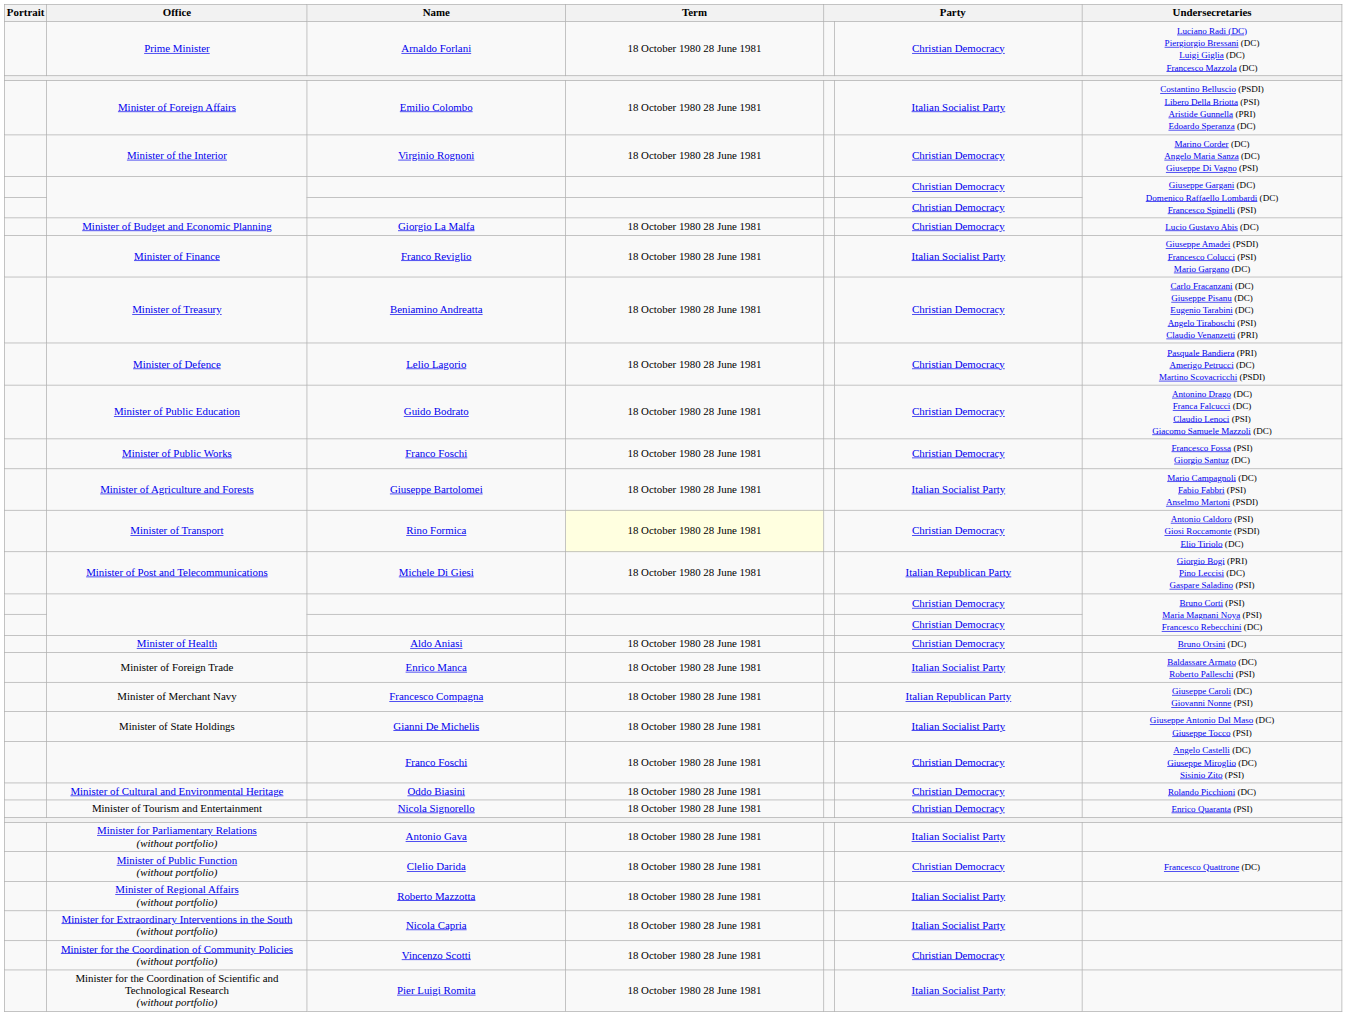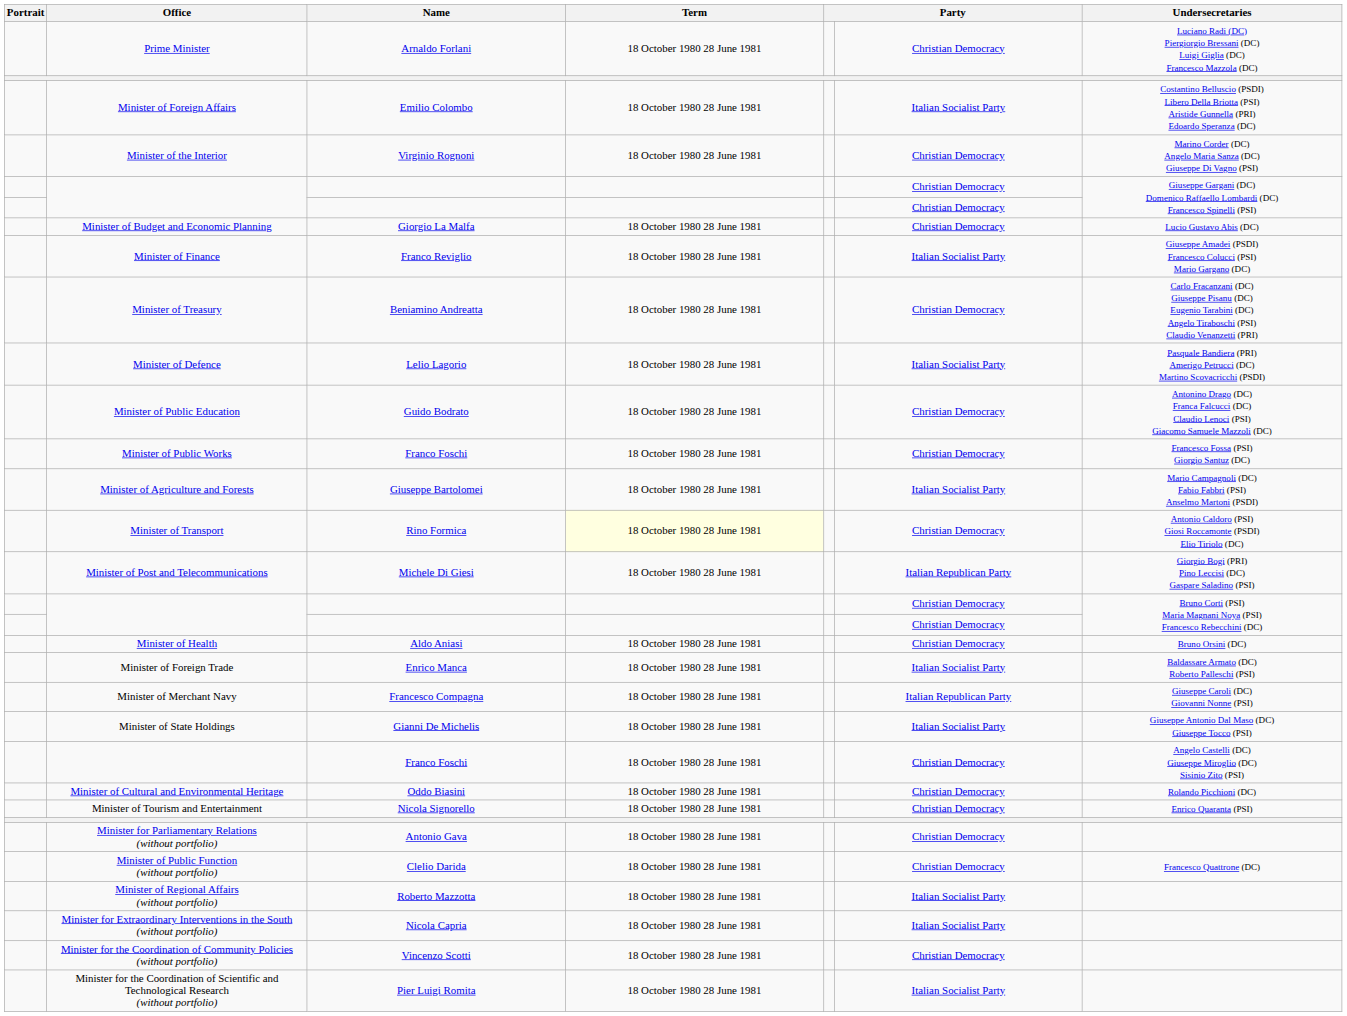 <table class="wikitable" style="text-align:center">
 <tr>
 <th>Portrait</th>
 <th width=20%>Office</th>
 <th width=20%>Name</th>
 <th width=20%>Term</th>
 <th width=20% colspan=2>Party</th>
 <th width=20%>Undersecretaries</th>
 </tr>
 <tr>
 <td></td>
 <td><a href='#'>Prime Minister</a></td>
 <td><a href='#'>Arnaldo Forlani</a></td>
 <td>18 October 1980  28 June 1981</td>
 <td style="background:"></td>
 <td><a href='#'>Christian Democracy</a></td>
 <td><small><a href='#'>Luciano Radi (DC)</a> <br> <a href='#'>Piergiorgio Bressani</a> (DC) <br> <a href='#'>Luigi Giglia</a> (DC) <br> <a href='#'>Francesco Mazzola</a> (DC)</small></td>
 </tr>
 <tr>
 <th colspan="7"></th>
 </tr>
 <tr>
 <td></td>
 <td><a href='#'>Minister of Foreign Affairs</a></td>
 <td><a href='#'>Emilio Colombo</a></td>
 <td>18 October 1980  28 June 1981</td>
 <td style="background:"></td>
 <td><a href='#'>Italian Socialist Party</a></td>
 <td><small><a href='#'>Costantino Belluscio</a> (PSDI) <br> <a href='#'>Libero Della Briotta</a> (PSI) <br> <a href='#'>Aristide Gunnella</a> (PRI) <br> <a href='#'>Edoardo Speranza</a> (DC)</small></td>
 </tr>
 <tr>
 <td></td>
 <td><a href='#'>Minister of the Interior</a></td>
 <td><a href='#'>Virginio Rognoni</a></td>
 <td>18 October 1980  28 June 1981</td>
 <td style="background:"></td>
 <td><a href='#'>Christian Democracy</a></td>
 <td><small><a href='#'>Marino Corder</a> (DC) <br> <a href='#'>Angelo Maria Sanza</a> (DC) <br> <a href='#'>Giuseppe Di Vagno</a> (PSI)</small></td>
 </tr>
 <tr>
 <td></td>
 <td rowspan=2></td>
 <td></td>
 <td></td>
 <td style="background:"></td>
 <td><a href='#'>Christian Democracy</a></td>
 <td rowspan="2"><small><a href='#'>Giuseppe Gargani</a> (DC) <br> <a href='#'>Domenico Raffaello Lombardi</a> (DC) <br> <a href='#'>Francesco Spinelli</a> (PSI)</small></td>
 </tr>
 <tr>
 <td></td>
 <td></td>
 <td></td>
 <td style="background:"></td>
 <td><a href='#'>Christian Democracy</a></td>
 </tr>
 <tr>
 <td></td>
 <td><a href='#'>Minister of Budget and Economic Planning</a></td>
 <td><a href='#'>Giorgio La Malfa</a></td>
 <td>18 October 1980  28 June 1981</td>
 <td style="background:"></td>
 <td><a href='#'>Christian Democracy</a></td>
 <td><small><a href='#'>Lucio Gustavo Abis</a> (DC)</small></td>
 </tr>
 <tr>
 <td></td>
 <td><a href='#'>Minister of Finance</a></td>
 <td><a href='#'>Franco Reviglio</a></td>
 <td>18 October 1980  28 June 1981</td>
 <td style="background:"></td>
 <td><a href='#'>Italian Socialist Party</a></td>
 <td><small><a href='#'>Giuseppe Amadei</a> (PSDI) <br> <a href='#'>Francesco Colucci</a> (PSI) <br> <a href='#'>Mario Gargano</a> (DC)</small></td>
 </tr>
 <tr>
 <td></td>
 <td><a href='#'>Minister of Treasury</a></td>
 <td><a href='#'>Beniamino Andreatta</a></td>
 <td>18 October 1980  28 June 1981</td>
 <td style="background:"></td>
 <td><a href='#'>Christian Democracy</a></td>
 <td><small><a href='#'>Carlo Fracanzani</a> (DC) <br> <a href='#'>Giuseppe Pisanu</a> (DC) <br> <a href='#'>Eugenio Tarabini</a> (DC) <br> <a href='#'>Angelo Tiraboschi</a> (PSI) <br> <a href='#'>Claudio Venanzetti</a> (PRI)</small></td>
 </tr>
 <tr>
 <td></td>
 <td><a href='#'>Minister of Defence</a></td>
 <td><a href='#'>Lelio Lagorio</a></td>
 <td>18 October 1980  28 June 1981</td>
 <td style="background:"></td>
-<td><a href='#'>Christian Democracy</a></td>
+<td><a href='#'>Italian Socialist Party</a></td>
 <td><small><a href='#'>Pasquale Bandiera</a> (PRI) <br> <a href='#'>Amerigo Petrucci</a> (DC) <br> <a href='#'>Martino Scovacricchi</a> (PSDI)</small></td>
 </tr>
 <tr>
 <td></td>
 <td><a href='#'>Minister of Public Education</a></td>
 <td><a href='#'>Guido Bodrato</a></td>
 <td>18 October 1980  28 June 1981</td>
 <td style="background:"></td>
 <td><a href='#'>Christian Democracy</a></td>
 <td><small><a href='#'>Antonino Drago</a> (DC) <br> <a href='#'>Franca Falcucci</a> (DC) <br> <a href='#'>Claudio Lenoci</a> (PSI) <br> <a href='#'>Giacomo Samuele Mazzoli</a> (DC)</small></td>
 </tr>
 <tr>
 <td></td>
 <td><a href='#'>Minister of Public Works</a></td>
 <td><a href='#'>Franco Foschi</a></td>
 <td>18 October 1980  28 June 1981</td>
 <td style="background:"></td>
 <td><a href='#'>Christian Democracy</a></td>
 <td><small><a href='#'>Francesco Fossa</a> (PSI) <br> <a href='#'>Giorgio Santuz</a> (DC)</small></td>
 </tr>
 <tr>
 <td></td>
 <td><a href='#'>Minister of Agriculture and Forests</a></td>
 <td><a href='#'>Giuseppe Bartolomei</a></td>
 <td>18 October 1980  28 June 1981</td>
 <td style="background:"></td>
 <td><a href='#'>Italian Socialist Party</a></td>
 <td><small><a href='#'>Mario Campagnoli</a> (DC) <br> <a href='#'>Fabio Fabbri</a> (PSI) <br> <a href='#'>Anselmo Martoni</a> (PSDI)</small></td>
 </tr>
 <tr>
 <td></td>
 <td><a href='#'>Minister of Transport</a></td>
 <td><a href='#'>Rino Formica</a></td>
 <td style="background: lightyellow;">18 October 1980  28 June 1981</td>
 <td style="background:"></td>
 <td><a href='#'>Christian Democracy</a></td>
 <td><small><a href='#'>Antonio Caldoro</a> (PSI) <br> <a href='#'>Giosi Roccamonte</a> (PSDI) <br> <a href='#'>Elio Tiriolo</a> (DC)</small></td>
 </tr>
 <tr>
 <td></td>
 <td><a href='#'>Minister of Post and Telecommunications</a></td>
 <td><a href='#'>Michele Di Giesi</a></td>
 <td>18 October 1980  28 June 1981</td>
 <td style="background:"></td>
 <td><a href='#'>Italian Republican Party</a></td>
 <td><small><a href='#'>Giorgio Bogi</a> (PRI) <br> <a href='#'>Pino Leccisi</a> (DC) <br> <a href='#'>Gaspare Saladino</a> (PSI)</small></td>
 </tr>
 <tr>
 <td></td>
 <td rowspan=2></td>
 <td></td>
 <td></td>
 <td style="background:"></td>
 <td><a href='#'>Christian Democracy</a></td>
 <td rowspan="2"><small><a href='#'>Bruno Corti</a> (PSI) <br> <a href='#'>Maria Magnani Noya</a> (PSI) <br> <a href='#'>Francesco Rebecchini</a> (DC)</small></td>
 </tr>
 <tr>
 <td></td>
 <td></td>
 <td></td>
 <td style="background:"></td>
 <td><a href='#'>Christian Democracy</a></td>
 </tr>
 <tr>
 <td></td>
 <td><a href='#'>Minister of Health</a></td>
 <td><a href='#'>Aldo Aniasi</a></td>
 <td>18 October 1980  28 June 1981</td>
 <td style="background:"></td>
 <td><a href='#'>Christian Democracy</a></td>
 <td><small><a href='#'>Bruno Orsini</a> (DC)</small></td>
 </tr>
 <tr>
 <td></td>
 <td>Minister of Foreign Trade</td>
 <td><a href='#'>Enrico Manca</a></td>
 <td>18 October 1980  28 June 1981</td>
 <td style="background:"></td>
 <td><a href='#'>Italian Socialist Party</a></td>
 <td><small><a href='#'>Baldassare Armato</a> (DC) <br> <a href='#'>Roberto Palleschi</a> (PSI)</small></td>
 </tr>
 <tr>
 <td></td>
 <td>Minister of Merchant Navy</td>
 <td><a href='#'>Francesco Compagna</a></td>
 <td>18 October 1980  28 June 1981</td>
 <td style="background:"></td>
 <td><a href='#'>Italian Republican Party</a></td>
 <td><small><a href='#'>Giuseppe Caroli</a> (DC) <br> <a href='#'>Giovanni Nonne</a> (PSI)</small></td>
 </tr>
 <tr>
 <td></td>
 <td>Minister of State Holdings</td>
 <td><a href='#'>Gianni De Michelis</a></td>
 <td>18 October 1980  28 June 1981</td>
 <td style="background:"></td>
 <td><a href='#'>Italian Socialist Party</a></td>
 <td><small><a href='#'>Giuseppe Antonio Dal Maso</a> (DC) <br> <a href='#'>Giuseppe Tocco</a> (PSI)</small></td>
 </tr>
 <tr>
 <td></td>
 <td></td>
 <td><a href='#'>Franco Foschi</a></td>
 <td>18 October 1980  28 June 1981</td>
 <td style="background:"></td>
 <td><a href='#'>Christian Democracy</a></td>
 <td><small><a href='#'>Angelo Castelli</a> (DC) <br> <a href='#'>Giuseppe Miroglio</a> (DC) <br> <a href='#'>Sisinio Zito</a> (PSI)</small></td>
 </tr>
 <tr>
 <td></td>
 <td><a href='#'>Minister of Cultural and Environmental Heritage</a></td>
 <td><a href='#'>Oddo Biasini</a></td>
 <td>18 October 1980  28 June 1981</td>
 <td style="background:"></td>
 <td><a href='#'>Christian Democracy</a></td>
 <td><small><a href='#'>Rolando Picchioni</a> (DC)</small></td>
 </tr>
 <tr>
 <td></td>
 <td>Minister of Tourism and Entertainment</td>
 <td><a href='#'>Nicola Signorello</a></td>
 <td>18 October 1980  28 June 1981</td>
 <td style="background:"></td>
 <td><a href='#'>Christian Democracy</a></td>
 <td><small><a href='#'>Enrico Quaranta</a> (PSI)</small></td>
 </tr>
 <tr>
 <th colspan="7"></th>
 </tr>
 <tr>
 <td></td>
 <td><a href='#'>Minister for Parliamentary Relations</a> <br> <em>(without portfolio)</em></td>
 <td><a href='#'>Antonio Gava</a></td>
 <td>18 October 1980  28 June 1981</td>
 <td style="background:"></td>
-<td><a href='#'>Italian Socialist Party</a></td>
+<td><a href='#'>Christian Democracy</a></td>
 <td></td>
 </tr>
 <tr>
 <td></td>
 <td><a href='#'>Minister of Public Function</a> <br> <em>(without portfolio)</em></td>
 <td><a href='#'>Clelio Darida</a></td>
 <td>18 October 1980  28 June 1981</td>
 <td style="background:"></td>
 <td><a href='#'>Christian Democracy</a></td>
 <td><small><a href='#'>Francesco Quattrone</a> (DC)</small></td>
 </tr>
 <tr>
 <td></td>
 <td><a href='#'>Minister of Regional Affairs</a> <br> <em>(without portfolio)</em></td>
 <td><a href='#'>Roberto Mazzotta</a></td>
 <td>18 October 1980  28 June 1981</td>
 <td style="background:"></td>
 <td><a href='#'>Italian Socialist Party</a></td>
 <td></td>
 </tr>
 <tr>
 <td></td>
 <td><a href='#'>Minister for Extraordinary Interventions in the South</a> <br> <em>(without portfolio)</em></td>
 <td><a href='#'>Nicola Capria</a></td>
 <td>18 October 1980  28 June 1981</td>
 <td style="background:"></td>
 <td><a href='#'>Italian Socialist Party</a></td>
 <td></td>
 </tr>
 <tr>
 <td></td>
 <td><a href='#'>Minister for the Coordination of Community Policies</a> <br> <em>(without portfolio)</em></td>
 <td><a href='#'>Vincenzo Scotti</a></td>
 <td>18 October 1980  28 June 1981</td>
 <td style="background:"></td>
 <td><a href='#'>Christian Democracy</a></td>
 <td></td>
 </tr>
 <tr>
 <td></td>
 <td>Minister for the Coordination of Scientific and Technological Research <br> <em>(without portfolio)</em></td>
 <td><a href='#'>Pier Luigi Romita</a></td>
 <td>18 October 1980  28 June 1981</td>
 <td style="background:"></td>
 <td><a href='#'>Italian Socialist Party</a></td>
 <td></td>
 </tr>
 </table>
